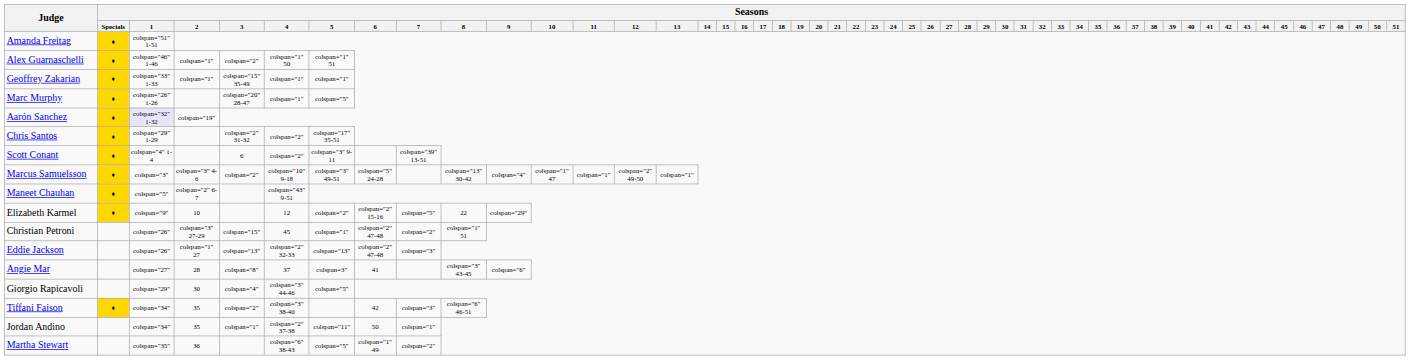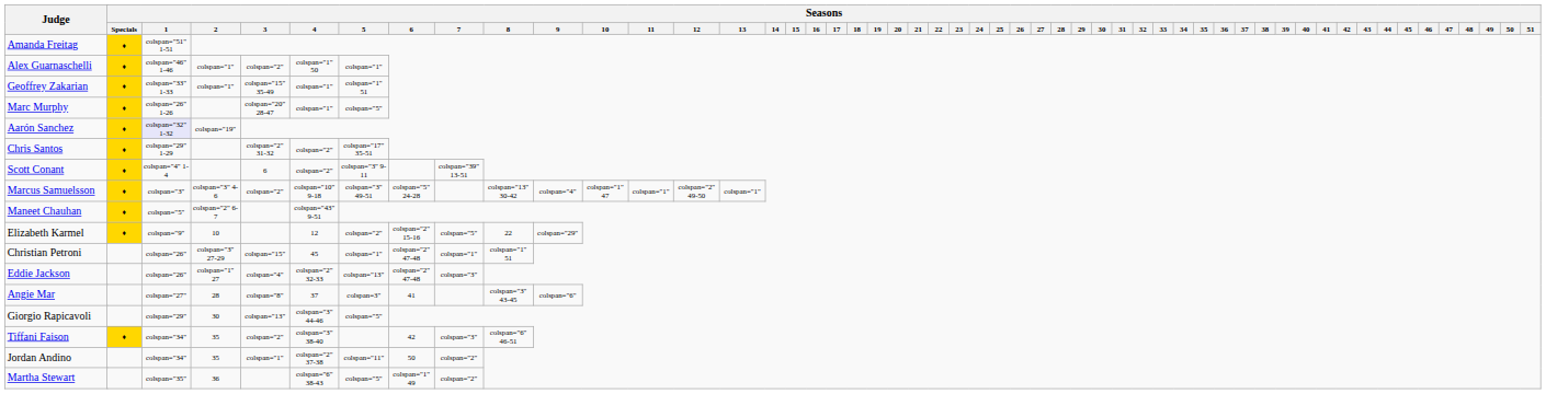 <table class="wikitable plainrowheaders" style="text-align:center; font-size:60%;">
 <tr>
 <th rowspan="2" colspan="3" style="width:5%; font-size:14px;" scope="col">Judge</th>
 <th colspan="52" style="font-size:14px;">Seasons</th>
 </tr>
 <tr>
 <th style="width:1%;" scope="col">Specials</th>
 <th style="width:1%;" scope="col">1</th>
 <th style="width:1%;" scope="col">2</th>
 <th style="width:1%;" scope="col">3</th>
 <th style="width:1%;" scope="col">4</th>
 <th style="width:1%;" scope="col">5</th>
 <th style="width:1%;" scope="col">6</th>
 <th style="width:1%;" scope="col">7</th>
 <th style="width:1%;" scope="col">8</th>
 <th style="width:1%;" scope="col">9</th>
 <th style="width:1%;" scope="col">10</th>
 <th style="width:1%;" scope="col">11</th>
 <th style="width:1%;" scope="col">12</th>
 <th style="width:1%;" scope="col">13</th>
 <th style="width:1%;" scope="col">14</th>
 <th style="width:1%;" scope="col">15</th>
 <th style="width:1%;" scope="col">16</th>
 <th style="width:1%;" scope="col">17</th>
 <th style="width:1%;" scope="col">18</th>
 <th style="width:1%;" scope="col">19</th>
 <th style="width:1%;" scope="col">20</th>
 <th style="width:1%;" scope="col">21</th>
 <th style="width:1%;" scope="col">22</th>
 <th style="width:1%;" scope="col">23</th>
 <th style="width:1%;" scope="col">24</th>
 <th style="width:1%;" scope="col">25</th>
 <th style="width:1%;" scope="col">26</th>
 <th style="width:1%;" scope="col">27</th>
 <th style="width:1%;" scope="col">28</th>
 <th style="width:1%;" scope="col">29</th>
 <th style="width:1%;" scope="col">30</th>
 <th style="width:1%;" scope="col">31</th>
 <th style="width:1%;" scope="col">32</th>
 <th style="width:1%;" scope="col">33</th>
 <th style="width:1%;" scope="col">34</th>
 <th style="width:1%;" scope="col">35</th>
 <th style="width:1%;" scope="col">36</th>
 <th style="width:1%;" scope="col">37</th>
 <th style="width:1%;" scope="col">38</th>
 <th style="width:1%;" scope="col">39</th>
 <th style="width:1%;" scope="col">40</th>
 <th style="width:1%;" scope="col">41</th>
 <th style="width:1%;" scope="col">42</th>
 <th style="width:1%;" scope="col">43</th>
 <th style="width:1%;" scope="col">44</th>
 <th style="width:1%;" scope="col">45</th>
 <th style="width:1%;" scope="col">46</th>
 <th style="width:1%;" scope="col">47</th>
 <th style="width:1%;" scope="col">48</th>
 <th style="width:1%;" scope="col">49</th>
 <th style="width:1%;" scope="col">50</th>
 <th style="width:1%;" scope="col">51</th>
 </tr>
 <tr>
 <td style="text-align:left; font-size:14px;" colspan="3"><a href='#'>Amanda Freitag</a></td>
 <td bgcolor="gold">♦</td>
 <td>colspan="51"  1-51</td>
 </tr>
 <tr>
 <td style="text-align:left; font-size:14px;" colspan="3"><a href='#'>Alex Guarnaschelli</a></td>
 <td bgcolor="gold">♦</td>
 <td>colspan="46"  1-46</td>
 <td>colspan="1"  </td>
 <td>colspan="2" </td>
 <td>colspan="1"  50</td>
-<td>colspan="1"  51</td>
+<td>colspan="1" </td>
 </tr>
 <tr>
 <td style="text-align:left; font-size:14px;" colspan="3"><a href='#'>Geoffrey Zakarian</a></td>
 <td bgcolor="gold">♦</td>
 <td>colspan="33"  1-33</td>
 <td>colspan="1" </td>
 <td>colspan="15"  35-49</td>
 <td>colspan="1" </td>
-<td>colspan="1" </td>
+<td>colspan="1"  51</td>
 </tr>
 <tr>
 <td style="text-align:left; font-size:14px;" colspan="3"><a href='#'>Marc Murphy</a></td>
 <td bgcolor="gold">♦</td>
 <td>colspan="26"  1-26</td>
 <td></td>
 <td>colspan="20"  28-47</td>
 <td>colspan="1" </td>
 <td>colspan="5" </td>
 </tr>
 <tr>
 <td style="text-align:left; font-size:14px;" colspan="3"><a href='#'>Aarón Sanchez</a></td>
 <td bgcolor="gold">♦</td>
 <td style="background: lavender;">colspan="32"  1-32</td>
 <td>colspan="19" </td>
 </tr>
 <tr>
 <td style="text-align:left; font-size:14px;" colspan="3"><a href='#'>Chris Santos</a></td>
 <td bgcolor="gold">♦</td>
 <td>colspan="29"  1-29</td>
 <td></td>
 <td>colspan="2"  31-32</td>
 <td>colspan="2" </td>
 <td>colspan="17"  35-51</td>
 </tr>
 <tr>
 <td style="text-align:left; font-size:14px;" colspan="3"><a href='#'>Scott Conant</a></td>
 <td bgcolor="gold">♦</td>
 <td>colspan="4"  1-4</td>
 <td></td>
 <td> 6</td>
 <td>colspan="2" </td>
 <td>colspan="3"  9-11</td>
 <td></td>
 <td>colspan="39"  13-51</td>
 </tr>
 <tr>
 <td style="text-align:left; font-size:14px;" colspan="3"><a href='#'>Marcus Samuelsson</a></td>
 <td bgcolor="gold">♦</td>
 <td>colspan="3" </td>
 <td>colspan="3"  4-6</td>
 <td>colspan="2" </td>
 <td>colspan="10"  9-18</td>
 <td>colspan="3"  49-51</td>
 <td>colspan="5"  24-28</td>
 <td></td>
 <td>colspan="13"  30-42</td>
 <td>colspan="4" </td>
 <td>colspan="1"  47</td>
 <td>colspan="1" </td>
 <td>colspan="2"  49-50</td>
 <td>colspan="1" </td>
 </tr>
 <tr>
 <td style="text-align:left; font-size:14px;" colspan="3"><a href='#'>Maneet Chauhan</a></td>
 <td bgcolor="gold">♦</td>
 <td>colspan="5" </td>
 <td>colspan="2"  6-7</td>
 <td></td>
 <td>colspan="43"  9-51</td>
 </tr>
 <tr>
 <td style="text-align:left; font-size:14px;" colspan="3">Elizabeth Karmel</td>
 <td bgcolor="gold">♦</td>
 <td>colspan="9" </td>
 <td> 10</td>
 <td></td>
 <td> 12</td>
 <td>colspan="2" </td>
 <td>colspan="2"  15-16</td>
 <td>colspan="5" </td>
 <td> 22</td>
 <td>colspan="29" </td>
 </tr>
 <tr>
 <td style="text-align:left; font-size:14px;" colspan="3">Christian Petroni</td>
 <td></td>
 <td>colspan="26" </td>
 <td>colspan="3"  27-29</td>
 <td>colspan="15" </td>
 <td> 45</td>
 <td>colspan="1" </td>
 <td>colspan="2"  47-48</td>
-<td>colspan="2" </td>
+<td>colspan="1" </td>
 <td>colspan="1"  51</td>
 </tr>
 <tr>
 <td style="text-align:left; font-size:14px;" colspan="3"><a href='#'>Eddie Jackson</a></td>
 <td></td>
 <td>colspan="26" </td>
 <td>colspan="1"  27</td>
-<td>colspan="13" </td>
+<td>colspan="4" </td>
 <td>colspan="2"  32-33</td>
 <td>colspan="13" </td>
 <td>colspan="2"  47-48</td>
 <td>colspan="3" </td>
 </tr>
 <tr>
 <td style="text-align:left; font-size:14px;" colspan="3"><a href='#'>Angie Mar</a></td>
 <td></td>
 <td>colspan="27" </td>
 <td> 28</td>
 <td>colspan="8" </td>
 <td> 37</td>
 <td>colspan=3" </td>
 <td> 41</td>
 <td></td>
 <td>colspan="3"  43-45</td>
 <td>colspan="6" </td>
 </tr>
 <tr>
 <td style="text-align:left; font-size:14px;" colspan="3">Giorgio Rapicavoli</td>
 <td></td>
 <td>colspan="29" </td>
 <td> 30</td>
-<td>colspan="4" </td>
+<td>colspan="13" </td>
 <td>colspan="3"  44-46</td>
 <td>colspan="5" </td>
 </tr>
 <tr>
 <td style="text-align:left; font-size:14px;" colspan="3"><a href='#'>Tiffani Faison</a></td>
 <td bgcolor="gold">♦</td>
 <td>colspan="34" </td>
 <td> 35</td>
 <td>colspan="2" </td>
 <td>colspan="3"  38-40</td>
 <td></td>
 <td> 42</td>
 <td>colspan="3" </td>
 <td>colspan="6"  46-51</td>
 </tr>
 <tr>
 <td style="text-align:left; font-size:14px;" colspan="3">Jordan Andino</td>
 <td></td>
 <td>colspan="34" </td>
 <td> 35</td>
 <td>colspan="1" </td>
 <td>colspan="2"  37-38</td>
 <td>colspan="11" </td>
 <td> 50</td>
-<td>colspan="1" </td>
+<td>colspan="2" </td>
 </tr>
 <tr>
 <td style="text-align:left; font-size:14px;" colspan="3"><a href='#'>Martha Stewart</a></td>
 <td></td>
 <td>colspan="35" </td>
 <td> 36</td>
 <td></td>
 <td>colspan="6"  38-43</td>
 <td>colspan="5" </td>
 <td>colspan="1"  49</td>
 <td>colspan="2" </td>
 </tr>
 </table>
